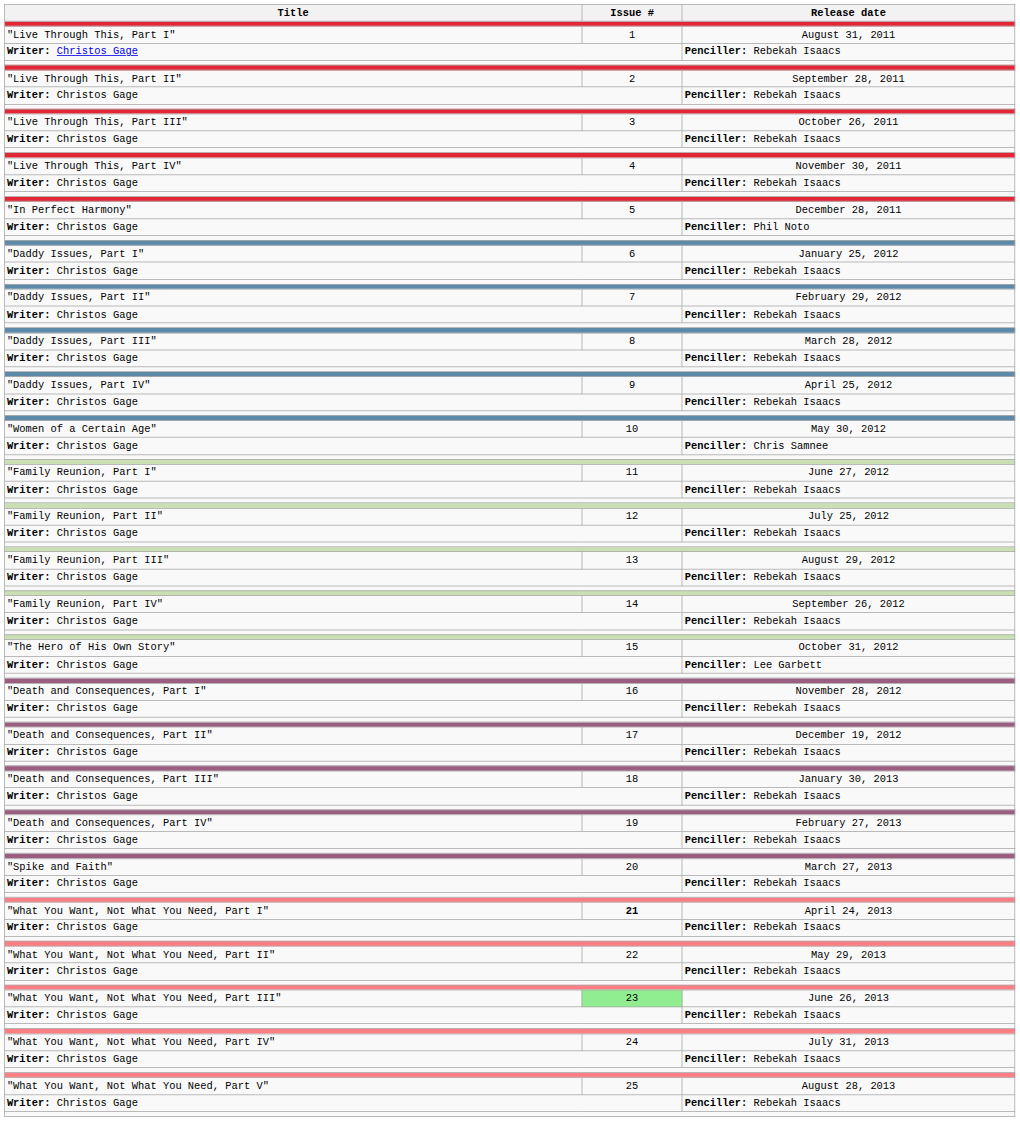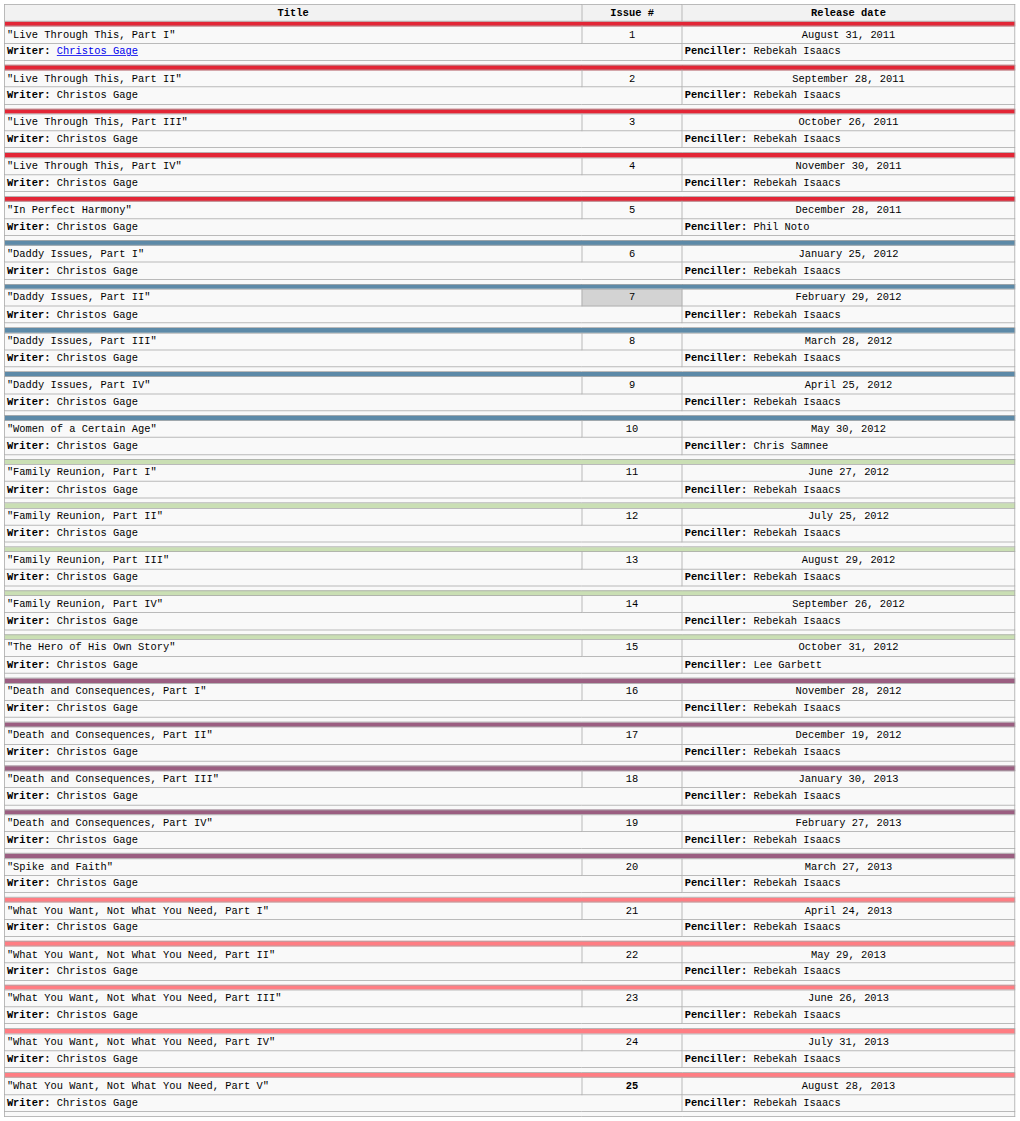 <table class="wikitable" style="width:100%;">
 <tr>
 <th>Title</th>
 <th>Issue #</th>
 <th>Release date</th>
 </tr>
 <tr>
 <td colspan="6" style="background:#e32636;"></td>
 </tr>
 <tr>
 <td>"Live Through This, Part I"</td>
 <td style="text-align:center;">1</td>
 <td style="text-align:center;">August 31, 2011</td>
 </tr>
 <tr>
 <td colspan="2"><strong>Writer:</strong> <a href='#'>Christos Gage</a></td>
 <td><strong>Penciller:</strong> Rebekah Isaacs</td>
 </tr>
 <tr>
 <td colspan="6"></td>
 </tr>
 <tr>
 <td colspan="6" style="background:#e32636;"></td>
 </tr>
 <tr>
 <td>"Live Through This, Part II"</td>
 <td style="text-align:center;">2</td>
 <td style="text-align:center;">September 28, 2011</td>
 </tr>
 <tr>
 <td colspan="2"><strong>Writer:</strong> Christos Gage</td>
 <td><strong>Penciller:</strong> Rebekah Isaacs</td>
 </tr>
 <tr>
 <td colspan="6"></td>
 </tr>
 <tr>
 <td colspan="6" style="background:#e32636;"></td>
 </tr>
 <tr>
 <td>"Live Through This, Part III"</td>
 <td style="text-align:center;">3</td>
 <td style="text-align:center;">October 26, 2011</td>
 </tr>
 <tr>
 <td colspan="2"><strong>Writer:</strong> Christos Gage</td>
 <td><strong>Penciller:</strong> Rebekah Isaacs</td>
 </tr>
 <tr>
 <td colspan="6"></td>
 </tr>
 <tr>
 <td colspan="6" style="background:#e32636;"></td>
 </tr>
 <tr>
 <td>"Live Through This, Part IV"</td>
 <td style="text-align:center;">4</td>
 <td style="text-align:center;">November 30, 2011</td>
 </tr>
 <tr>
 <td colspan="2"><strong>Writer:</strong> Christos Gage</td>
 <td><strong>Penciller:</strong> Rebekah Isaacs</td>
 </tr>
 <tr>
 <td colspan="6"></td>
 </tr>
 <tr>
 <td colspan="6" style="background:#e32636;"></td>
 </tr>
 <tr>
 <td>"In Perfect Harmony"</td>
 <td style="text-align:center;">5</td>
 <td style="text-align:center;">December 28, 2011</td>
 </tr>
 <tr>
 <td colspan="2"><strong>Writer:</strong> Christos Gage</td>
 <td><strong>Penciller:</strong> Phil Noto</td>
 </tr>
 <tr>
 <td colspan="6"></td>
 </tr>
 <tr>
 <td colspan="6" style="background:#5d8aa8;"></td>
 </tr>
 <tr>
 <td>"Daddy Issues, Part I"</td>
 <td style="text-align:center;">6</td>
 <td style="text-align:center;">January 25, 2012</td>
 </tr>
 <tr>
 <td colspan="2"><strong>Writer:</strong> Christos Gage</td>
 <td><strong>Penciller:</strong> Rebekah Isaacs</td>
 </tr>
 <tr>
 <td colspan="6"></td>
 </tr>
 <tr>
 <td colspan="6" style="background:#5d8aa8;"></td>
 </tr>
 <tr>
 <td>"Daddy Issues, Part II"</td>
-<td style="text-align:center;">7</td>
+<td style="background: lightgrey; text-align:center;">7</td>
 <td style="text-align:center;">February 29, 2012</td>
 </tr>
 <tr>
 <td colspan="2"><strong>Writer:</strong> Christos Gage</td>
 <td><strong>Penciller:</strong> Rebekah Isaacs</td>
 </tr>
 <tr>
 <td colspan="6"></td>
 </tr>
 <tr>
 <td colspan="6" style="background:#5d8aa8;"></td>
 </tr>
 <tr>
 <td>"Daddy Issues, Part III"</td>
 <td style="text-align:center;">8</td>
 <td style="text-align:center;">March 28, 2012</td>
 </tr>
 <tr>
 <td colspan="2"><strong>Writer:</strong> Christos Gage</td>
 <td><strong>Penciller:</strong> Rebekah Isaacs</td>
 </tr>
 <tr>
 <td colspan="6"></td>
 </tr>
 <tr>
 <td colspan="6" style="background:#5d8aa8;"></td>
 </tr>
 <tr>
 <td>"Daddy Issues, Part IV"</td>
 <td style="text-align:center;">9</td>
 <td style="text-align:center;">April 25, 2012</td>
 </tr>
 <tr>
 <td colspan="2"><strong>Writer:</strong> Christos Gage</td>
 <td><strong>Penciller:</strong> Rebekah Isaacs</td>
 </tr>
 <tr>
 <td colspan="6"></td>
 </tr>
 <tr>
 <td colspan="6" style="background:#5d8aa8;"></td>
 </tr>
 <tr>
 <td>"Women of a Certain Age"</td>
 <td style="text-align:center;">10</td>
 <td style="text-align:center;">May 30, 2012</td>
 </tr>
 <tr>
 <td colspan="2"><strong>Writer:</strong> Christos Gage</td>
 <td><strong>Penciller:</strong> Chris Samnee</td>
 </tr>
 <tr>
 <td colspan="6"></td>
 </tr>
 <tr>
 <td colspan="6" style="background:#cadfb4;"></td>
 </tr>
 <tr>
 <td>"Family Reunion, Part I"</td>
 <td style="text-align:center;">11</td>
 <td style="text-align:center;">June 27, 2012</td>
 </tr>
 <tr>
 <td colspan="2"><strong>Writer:</strong> Christos Gage</td>
 <td><strong>Penciller:</strong> Rebekah Isaacs</td>
 </tr>
 <tr>
 <td colspan="6"></td>
 </tr>
 <tr>
 <td colspan="6" style="background:#cadfb4;"></td>
 </tr>
 <tr>
 <td>"Family Reunion, Part II"</td>
 <td style="text-align:center;">12</td>
 <td style="text-align:center;">July 25, 2012</td>
 </tr>
 <tr>
 <td colspan="2"><strong>Writer:</strong> Christos Gage</td>
 <td><strong>Penciller:</strong> Rebekah Isaacs</td>
 </tr>
 <tr>
 <td colspan="6"></td>
 </tr>
 <tr>
 <td colspan="6" style="background:#cadfb4;"></td>
 </tr>
 <tr>
 <td>"Family Reunion, Part III"</td>
 <td style="text-align:center;">13</td>
 <td style="text-align:center;">August 29, 2012</td>
 </tr>
 <tr>
 <td colspan="2"><strong>Writer:</strong> Christos Gage</td>
 <td><strong>Penciller:</strong> Rebekah Isaacs</td>
 </tr>
 <tr>
 <td colspan="6"></td>
 </tr>
 <tr>
 <td colspan="6" style="background:#cadfb4;"></td>
 </tr>
 <tr>
 <td>"Family Reunion, Part IV"</td>
 <td style="text-align:center;">14</td>
 <td style="text-align:center;">September 26, 2012</td>
 </tr>
 <tr>
 <td colspan="2"><strong>Writer:</strong> Christos Gage</td>
 <td><strong>Penciller:</strong> Rebekah Isaacs</td>
 </tr>
 <tr>
 <td colspan="6"></td>
 </tr>
 <tr>
 <td colspan="6" style="background:#cadfb4;"></td>
 </tr>
 <tr>
 <td>"The Hero of His Own Story"</td>
 <td style="text-align:center;">15</td>
 <td style="text-align:center;">October 31, 2012</td>
 </tr>
 <tr>
 <td colspan="2"><strong>Writer:</strong> Christos Gage</td>
 <td><strong>Penciller:</strong> Lee Garbett</td>
 </tr>
 <tr>
 <td colspan="6"></td>
 </tr>
 <tr>
 <td colspan="6" style="background:#9b5e81;"></td>
 </tr>
 <tr>
 <td>"Death and Consequences, Part I"</td>
 <td style="text-align:center;">16</td>
 <td style="text-align:center;">November 28, 2012</td>
 </tr>
 <tr>
 <td colspan="2"><strong>Writer:</strong> Christos Gage</td>
 <td><strong>Penciller:</strong> Rebekah Isaacs</td>
 </tr>
 <tr>
 <td colspan="6"></td>
 </tr>
 <tr>
 <td colspan="6" style="background:#9b5e81;"></td>
 </tr>
 <tr>
 <td>"Death and Consequences, Part II"</td>
 <td style="text-align:center;">17</td>
 <td style="text-align:center;">December 19, 2012</td>
 </tr>
 <tr>
 <td colspan="2"><strong>Writer:</strong> Christos Gage</td>
 <td><strong>Penciller:</strong> Rebekah Isaacs</td>
 </tr>
 <tr>
 <td colspan="6"></td>
 </tr>
 <tr>
 <td colspan="6" style="background:#9b5e81;"></td>
 </tr>
 <tr>
 <td>"Death and Consequences, Part III"</td>
 <td style="text-align:center;">18</td>
 <td style="text-align:center;">January 30, 2013</td>
 </tr>
 <tr>
 <td colspan="2"><strong>Writer:</strong> Christos Gage</td>
 <td><strong>Penciller:</strong> Rebekah Isaacs</td>
 </tr>
 <tr>
 <td colspan="6"></td>
 </tr>
 <tr>
 <td colspan="6" style="background:#9b5e81;"></td>
 </tr>
 <tr>
 <td>"Death and Consequences, Part IV"</td>
 <td style="text-align:center;">19</td>
 <td style="text-align:center;">February 27, 2013</td>
 </tr>
 <tr>
 <td colspan="2"><strong>Writer:</strong> Christos Gage</td>
 <td><strong>Penciller:</strong> Rebekah Isaacs</td>
 </tr>
 <tr>
 <td colspan="6"></td>
 </tr>
 <tr>
 <td colspan="6" style="background:#9b5e81;"></td>
 </tr>
 <tr>
 <td>"Spike and Faith"</td>
 <td style="text-align:center;">20</td>
 <td style="text-align:center;">March 27, 2013</td>
 </tr>
 <tr>
 <td colspan="2"><strong>Writer:</strong> Christos Gage</td>
 <td><strong>Penciller:</strong> Rebekah Isaacs</td>
 </tr>
 <tr>
 <td colspan="6"></td>
 </tr>
 <tr>
 <td colspan="6" style="background:#ff7d83;"></td>
 </tr>
 <tr>
 <td>"What You Want, Not What You Need, Part I"</td>
-<td style="text-align:center;"><strong>21</strong></td>
+<td style="text-align:center;">21</td>
 <td style="text-align:center;">April 24, 2013</td>
 </tr>
 <tr>
 <td colspan="2"><strong>Writer:</strong> Christos Gage</td>
 <td><strong>Penciller:</strong> Rebekah Isaacs</td>
 </tr>
 <tr>
 <td colspan="6"></td>
 </tr>
 <tr>
 <td colspan="6" style="background:#ff7d83;"></td>
 </tr>
 <tr>
 <td>"What You Want, Not What You Need, Part II"</td>
 <td style="text-align:center;">22</td>
 <td style="text-align:center;">May 29, 2013</td>
 </tr>
 <tr>
 <td colspan="2"><strong>Writer:</strong> Christos Gage</td>
 <td><strong>Penciller:</strong> Rebekah Isaacs</td>
 </tr>
 <tr>
 <td colspan="6"></td>
 </tr>
 <tr>
 <td colspan="6" style="background:#ff7d83;"></td>
 </tr>
 <tr>
 <td>"What You Want, Not What You Need, Part III"</td>
-<td style="background: lightgreen; text-align:center;">23</td>
+<td style="text-align:center;">23</td>
 <td style="text-align:center;">June 26, 2013</td>
 </tr>
 <tr>
 <td colspan="2"><strong>Writer:</strong> Christos Gage</td>
 <td><strong>Penciller:</strong> Rebekah Isaacs</td>
 </tr>
 <tr>
 <td colspan="6"></td>
 </tr>
 <tr>
 <td colspan="6" style="background:#ff7d83;"></td>
 </tr>
 <tr>
 <td>"What You Want, Not What You Need, Part IV"</td>
 <td style="text-align:center;">24</td>
 <td style="text-align:center;">July 31, 2013</td>
 </tr>
 <tr>
 <td colspan="2"><strong>Writer:</strong> Christos Gage</td>
 <td><strong>Penciller:</strong> Rebekah Isaacs</td>
 </tr>
 <tr>
 <td colspan="6"></td>
 </tr>
 <tr>
 <td colspan="6" style="background:#ff7d83;"></td>
 </tr>
 <tr>
 <td>"What You Want, Not What You Need, Part V"</td>
-<td style="text-align:center;">25</td>
+<td style="text-align:center;"><strong>25</strong></td>
 <td style="text-align:center;">August 28, 2013</td>
 </tr>
 <tr>
 <td colspan="2"><strong>Writer:</strong> Christos Gage</td>
 <td><strong>Penciller:</strong> Rebekah Isaacs</td>
 </tr>
 <tr>
 <td colspan="6"></td>
 </tr>
 </table>
